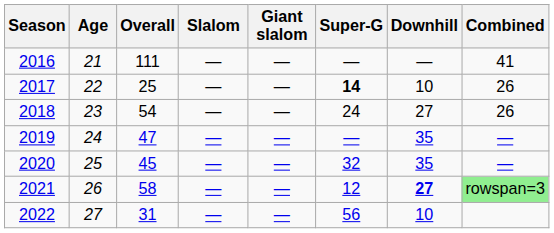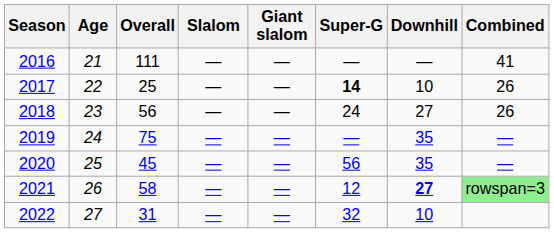 <table class=wikitable style="text-align:center">
 <tr>
 <th>Season</th>
 <th> Age </th>
 <th>Overall</th>
 <th> Slalom </th>
 <th>Giant<br> slalom </th>
 <th>Super-G</th>
 <th>Downhill</th>
 <th>Combined</th>
 </tr>
 <tr>
 <td><a href='#'>2016</a></td>
 <td><em>21</em></td>
 <td>111</td>
 <td>—</td>
 <td>—</td>
 <td>—</td>
 <td>—</td>
 <td>41</td>
 </tr>
 <tr>
 <td><a href='#'>2017</a></td>
 <td><em>22</em></td>
 <td>25</td>
 <td>—</td>
 <td>—</td>
 <td><strong>14</strong></td>
 <td>10</td>
 <td>26</td>
 </tr>
 <tr>
 <td><a href='#'>2018</a></td>
 <td><em>23</em></td>
-<td>54</td>
+<td>56</td>
 <td>—</td>
 <td>—</td>
 <td>24</td>
 <td>27</td>
 <td>26</td>
 </tr>
 <tr>
 <td><a href='#'>2019</a></td>
 <td><em>24</em></td>
-<td><a href='#'>47</a></td>
+<td><a href='#'>75</a></td>
 <td><a href='#'>—</a></td>
 <td><a href='#'>—</a></td>
 <td><a href='#'>—</a></td>
 <td><a href='#'>35</a></td>
 <td><a href='#'>—</a></td>
 </tr>
 <tr>
 <td><a href='#'>2020</a></td>
 <td><em>25</em></td>
 <td><a href='#'>45</a></td>
 <td><a href='#'>—</a></td>
 <td><a href='#'>—</a></td>
-<td><a href='#'>32</a></td>
+<td><a href='#'>56</a></td>
 <td><a href='#'>35</a></td>
 <td><a href='#'>—</a></td>
 </tr>
 <tr>
 <td><a href='#'>2021</a></td>
 <td><em>26</em></td>
 <td><a href='#'>58</a></td>
 <td><a href='#'>—</a></td>
 <td><a href='#'>—</a></td>
 <td><a href='#'>12</a></td>
 <td><strong><a href='#'>27</a></strong></td>
 <td style="background: lightgreen;">rowspan=3 </td>
 </tr>
 <tr>
 <td><a href='#'>2022</a></td>
 <td><em>27</em></td>
 <td><a href='#'>31</a></td>
 <td><a href='#'>—</a></td>
 <td><a href='#'>—</a></td>
-<td><a href='#'>56</a></td>
+<td><a href='#'>32</a></td>
 <td><a href='#'>10</a></td>
 </tr>
 </table>
